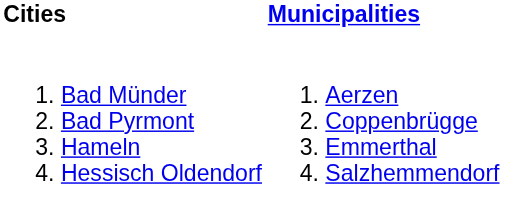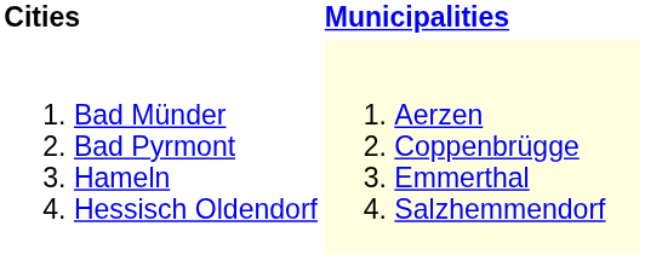 <table>
 <tr>
 <th align=left width=50%>Cities</th>
 <th align=left width=50%><a href='#'>Municipalities</a></th>
 </tr>
 <tr valign=top>
 <td><br><ol><li><a href='#'>Bad Münder</a></li><li><a href='#'>Bad Pyrmont</a></li><li><a href='#'>Hameln</a></li><li><a href='#'>Hessisch Oldendorf</a></li></ol></td>
-<td><br><ol><li><a href='#'>Aerzen</a></li><li><a href='#'>Coppenbrügge</a></li><li><a href='#'>Emmerthal</a></li><li><a href='#'>Salzhemmendorf</a></li></ol></td>
+<td style="background: lightyellow;"><br><ol><li><a href='#'>Aerzen</a></li><li><a href='#'>Coppenbrügge</a></li><li><a href='#'>Emmerthal</a></li><li><a href='#'>Salzhemmendorf</a></li></ol></td>
 </tr>
 </table>
